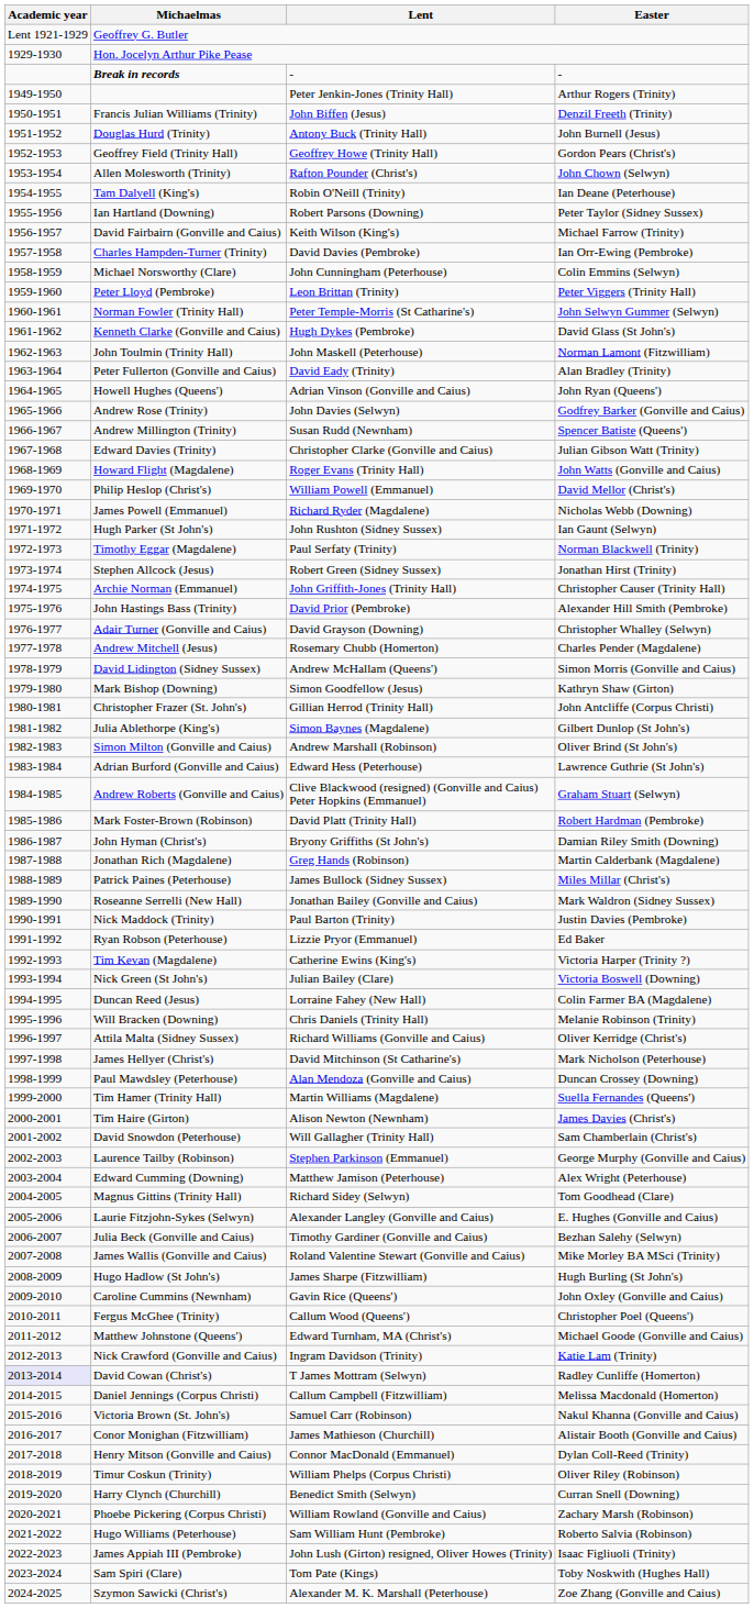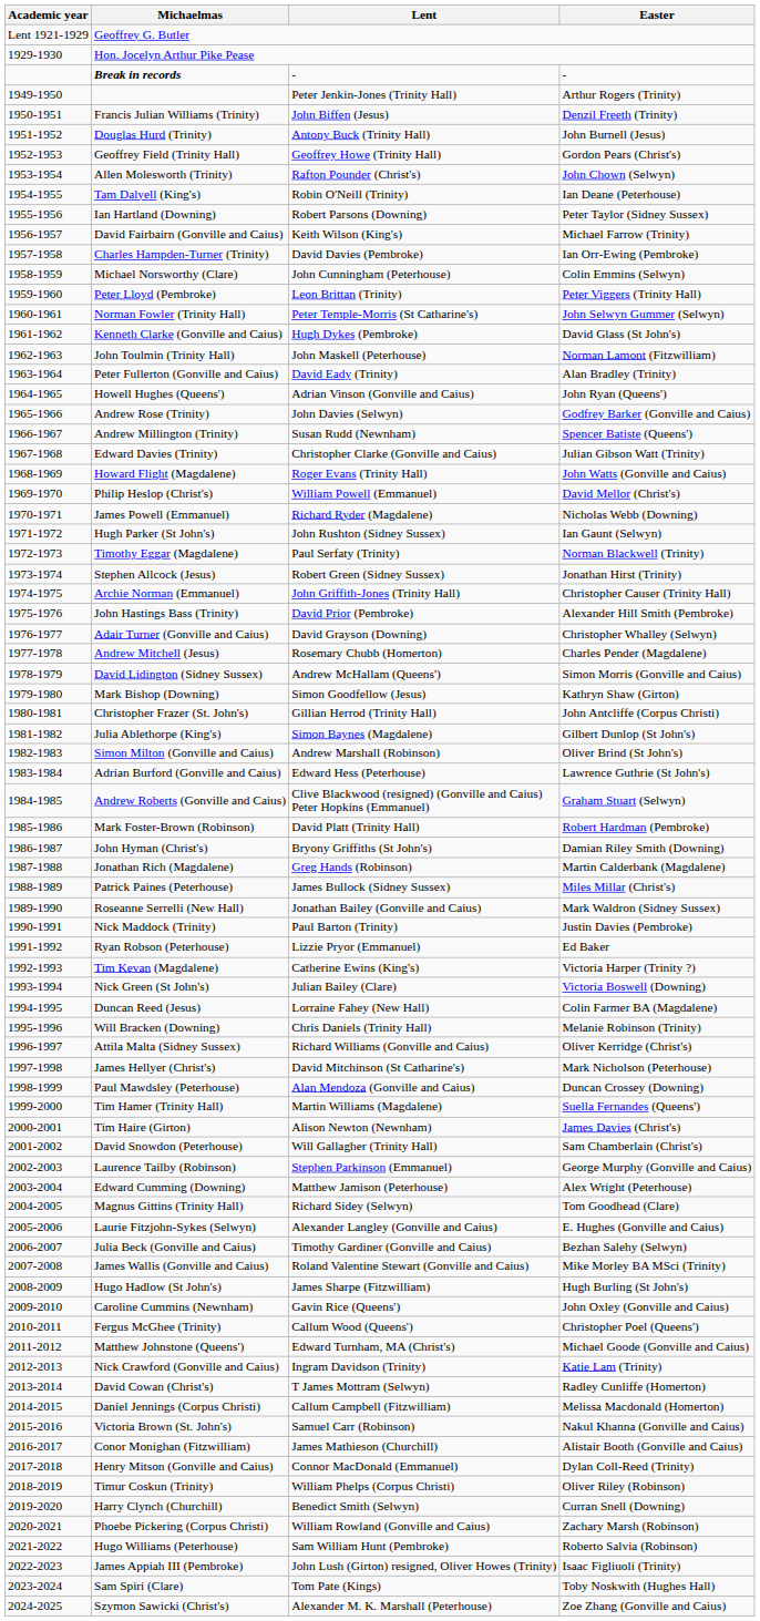 <table class="wikitable">
 <tr>
 <th>Academic year</th>
 <th>Michaelmas</th>
 <th>Lent</th>
 <th>Easter</th>
 </tr>
 <tr>
 <td>Lent 1921-1929</td>
 <td colspan="3"><a href='#'>Geoffrey G. Butler</a></td>
 </tr>
 <tr>
 <td>1929-1930</td>
 <td colspan="3"><a href='#'>Hon. Jocelyn Arthur Pike Pease</a></td>
 </tr>
 <tr>
 <td></td>
 <td><strong><em>Break in records</em></strong></td>
 <td>-</td>
 <td>-</td>
 </tr>
 <tr>
 <td>1949-1950</td>
 <td></td>
 <td>Peter Jenkin-Jones (Trinity Hall)</td>
 <td>Arthur Rogers (Trinity)</td>
 </tr>
 <tr>
 <td>1950-1951</td>
 <td>Francis Julian Williams (Trinity)</td>
 <td><a href='#'>John Biffen</a> (Jesus)</td>
 <td><a href='#'>Denzil Freeth</a> (Trinity)</td>
 </tr>
 <tr>
 <td>1951-1952</td>
 <td><a href='#'>Douglas Hurd</a> (Trinity)</td>
 <td><a href='#'>Antony Buck</a> (Trinity Hall)</td>
 <td>John Burnell (Jesus)</td>
 </tr>
 <tr>
 <td>1952-1953</td>
 <td>Geoffrey Field (Trinity Hall)</td>
 <td><a href='#'>Geoffrey Howe</a> (Trinity Hall)</td>
 <td>Gordon Pears (Christ's)</td>
 </tr>
 <tr>
 <td>1953-1954</td>
 <td>Allen Molesworth (Trinity)</td>
 <td><a href='#'>Rafton Pounder</a> (Christ's)</td>
 <td><a href='#'>John Chown</a> (Selwyn)</td>
 </tr>
 <tr>
 <td>1954-1955</td>
 <td><a href='#'>Tam Dalyell</a> (King's)</td>
 <td>Robin O'Neill (Trinity)</td>
 <td>Ian Deane (Peterhouse)</td>
 </tr>
 <tr>
 <td>1955-1956</td>
 <td>Ian Hartland (Downing)</td>
 <td>Robert Parsons (Downing)</td>
 <td>Peter Taylor (Sidney Sussex)</td>
 </tr>
 <tr>
 <td>1956-1957</td>
 <td>David Fairbairn (Gonville and Caius)</td>
 <td>Keith Wilson (King's)</td>
 <td>Michael Farrow (Trinity)</td>
 </tr>
 <tr>
 <td>1957-1958</td>
 <td><a href='#'>Charles Hampden-Turner</a> (Trinity)</td>
 <td>David Davies (Pembroke)</td>
 <td>Ian Orr-Ewing (Pembroke)</td>
 </tr>
 <tr>
 <td>1958-1959</td>
 <td>Michael Norsworthy (Clare)</td>
 <td>John Cunningham (Peterhouse)</td>
 <td>Colin Emmins (Selwyn)</td>
 </tr>
 <tr>
 <td>1959-1960</td>
 <td><a href='#'>Peter Lloyd</a> (Pembroke)</td>
 <td><a href='#'>Leon Brittan</a> (Trinity)</td>
 <td><a href='#'>Peter Viggers</a> (Trinity Hall)</td>
 </tr>
 <tr>
 <td>1960-1961</td>
 <td><a href='#'>Norman Fowler</a> (Trinity Hall)</td>
 <td><a href='#'>Peter Temple-Morris</a> (St Catharine's)</td>
 <td><a href='#'>John Selwyn Gummer</a> (Selwyn)</td>
 </tr>
 <tr>
 <td>1961-1962</td>
 <td><a href='#'>Kenneth Clarke</a> (Gonville and Caius)</td>
 <td><a href='#'>Hugh Dykes</a> (Pembroke)</td>
 <td>David Glass (St John's)</td>
 </tr>
 <tr>
 <td>1962-1963</td>
 <td>John Toulmin (Trinity Hall)</td>
 <td>John Maskell (Peterhouse)</td>
 <td><a href='#'>Norman Lamont</a> (Fitzwilliam)</td>
 </tr>
 <tr>
 <td>1963-1964</td>
 <td>Peter Fullerton (Gonville and Caius)</td>
 <td><a href='#'>David Eady</a> (Trinity)</td>
 <td>Alan Bradley (Trinity)</td>
 </tr>
 <tr>
 <td>1964-1965</td>
 <td>Howell Hughes (Queens')</td>
 <td>Adrian Vinson (Gonville and Caius)</td>
 <td>John Ryan (Queens')</td>
 </tr>
 <tr>
 <td>1965-1966</td>
 <td>Andrew Rose (Trinity)</td>
 <td>John Davies (Selwyn)</td>
 <td><a href='#'>Godfrey Barker</a> (Gonville and Caius)</td>
 </tr>
 <tr>
 <td>1966-1967</td>
 <td>Andrew Millington (Trinity)</td>
 <td>Susan Rudd (Newnham)</td>
 <td><a href='#'>Spencer Batiste</a> (Queens')</td>
 </tr>
 <tr>
 <td>1967-1968</td>
 <td>Edward Davies (Trinity)</td>
 <td>Christopher Clarke (Gonville and Caius)</td>
 <td>Julian Gibson Watt (Trinity)</td>
 </tr>
 <tr>
 <td>1968-1969</td>
 <td><a href='#'>Howard Flight</a> (Magdalene)</td>
 <td><a href='#'>Roger Evans</a> (Trinity Hall)</td>
 <td><a href='#'>John Watts</a> (Gonville and Caius)</td>
 </tr>
 <tr>
 <td>1969-1970</td>
 <td>Philip Heslop (Christ's)</td>
 <td><a href='#'>William Powell</a> (Emmanuel)</td>
 <td><a href='#'>David Mellor</a> (Christ's)</td>
 </tr>
 <tr>
 <td>1970-1971</td>
 <td>James Powell (Emmanuel)</td>
 <td><a href='#'>Richard Ryder</a> (Magdalene)</td>
 <td>Nicholas Webb (Downing)</td>
 </tr>
 <tr>
 <td>1971-1972</td>
 <td>Hugh Parker (St John's)</td>
 <td>John Rushton (Sidney Sussex)</td>
 <td>Ian Gaunt (Selwyn)</td>
 </tr>
 <tr>
 <td>1972-1973</td>
 <td><a href='#'>Timothy Eggar</a> (Magdalene)</td>
 <td>Paul Serfaty (Trinity)</td>
 <td><a href='#'>Norman Blackwell</a> (Trinity)</td>
 </tr>
 <tr>
 <td>1973-1974</td>
 <td>Stephen Allcock (Jesus)</td>
 <td>Robert Green (Sidney Sussex)</td>
 <td>Jonathan Hirst (Trinity)</td>
 </tr>
 <tr>
 <td>1974-1975</td>
 <td><a href='#'>Archie Norman</a> (Emmanuel)</td>
 <td><a href='#'>John Griffith-Jones</a> (Trinity Hall)</td>
 <td>Christopher Causer (Trinity Hall)</td>
 </tr>
 <tr>
 <td>1975-1976</td>
 <td>John Hastings Bass (Trinity)</td>
 <td><a href='#'>David Prior</a> (Pembroke)</td>
 <td>Alexander Hill Smith (Pembroke)</td>
 </tr>
 <tr>
 <td>1976-1977</td>
 <td><a href='#'>Adair Turner</a> (Gonville and Caius)</td>
 <td>David Grayson (Downing)</td>
 <td>Christopher Whalley (Selwyn)</td>
 </tr>
 <tr>
 <td>1977-1978</td>
 <td><a href='#'>Andrew Mitchell</a> (Jesus)</td>
 <td>Rosemary Chubb (Homerton)</td>
 <td>Charles Pender (Magdalene)</td>
 </tr>
 <tr>
 <td>1978-1979</td>
 <td><a href='#'>David Lidington</a> (Sidney Sussex)</td>
 <td>Andrew McHallam (Queens')</td>
 <td>Simon Morris (Gonville and Caius)</td>
 </tr>
 <tr>
 <td>1979-1980</td>
 <td>Mark Bishop (Downing)</td>
 <td>Simon Goodfellow (Jesus)</td>
 <td>Kathryn Shaw (Girton)</td>
 </tr>
 <tr>
 <td>1980-1981</td>
 <td>Christopher Frazer (St. John's)</td>
 <td>Gillian Herrod (Trinity Hall)</td>
 <td>John Antcliffe (Corpus Christi)</td>
 </tr>
 <tr>
 <td>1981-1982</td>
 <td>Julia Ablethorpe (King's)</td>
 <td><a href='#'>Simon Baynes</a> (Magdalene)</td>
 <td>Gilbert Dunlop (St John's)</td>
 </tr>
 <tr>
 <td>1982-1983</td>
 <td><a href='#'>Simon Milton</a> (Gonville and Caius)</td>
 <td>Andrew Marshall (Robinson)</td>
 <td>Oliver Brind (St John's)</td>
 </tr>
 <tr>
 <td>1983-1984</td>
 <td>Adrian Burford (Gonville and Caius)</td>
 <td>Edward Hess (Peterhouse)</td>
 <td>Lawrence Guthrie (St John's)</td>
 </tr>
 <tr>
 <td>1984-1985</td>
 <td><a href='#'>Andrew Roberts</a> (Gonville and Caius)</td>
 <td>Clive Blackwood (resigned) (Gonville and Caius)<br>Peter Hopkins (Emmanuel)</td>
 <td><a href='#'>Graham Stuart</a> (Selwyn)</td>
 </tr>
 <tr>
 <td>1985-1986</td>
 <td>Mark Foster-Brown (Robinson)</td>
 <td>David Platt (Trinity Hall)</td>
 <td><a href='#'>Robert Hardman</a> (Pembroke)</td>
 </tr>
 <tr>
 <td>1986-1987</td>
 <td>John Hyman (Christ's)</td>
 <td>Bryony Griffiths (St John's)</td>
 <td>Damian Riley Smith (Downing)</td>
 </tr>
 <tr>
 <td>1987-1988</td>
 <td>Jonathan Rich (Magdalene)</td>
 <td><a href='#'>Greg Hands</a> (Robinson)</td>
 <td>Martin Calderbank (Magdalene)</td>
 </tr>
 <tr>
 <td>1988-1989</td>
 <td>Patrick Paines (Peterhouse)</td>
 <td>James Bullock (Sidney Sussex)</td>
 <td><a href='#'>Miles Millar</a> (Christ's)</td>
 </tr>
 <tr>
 <td>1989-1990</td>
 <td>Roseanne Serrelli (New Hall)</td>
 <td>Jonathan Bailey (Gonville and Caius)</td>
 <td>Mark Waldron (Sidney Sussex)</td>
 </tr>
 <tr>
 <td>1990-1991</td>
 <td>Nick Maddock (Trinity)</td>
 <td>Paul Barton (Trinity)</td>
 <td>Justin Davies (Pembroke)</td>
 </tr>
 <tr>
 <td>1991-1992</td>
 <td>Ryan Robson (Peterhouse)</td>
 <td>Lizzie Pryor (Emmanuel)</td>
 <td>Ed Baker</td>
 </tr>
 <tr>
 <td>1992-1993</td>
 <td><a href='#'>Tim Kevan</a> (Magdalene)</td>
 <td>Catherine Ewins (King's)</td>
 <td>Victoria Harper (Trinity ?)</td>
 </tr>
 <tr>
 <td>1993-1994</td>
 <td>Nick Green (St John's)</td>
 <td>Julian Bailey (Clare)</td>
 <td><a href='#'>Victoria Boswell</a> (Downing)</td>
 </tr>
 <tr>
 <td>1994-1995</td>
 <td>Duncan Reed (Jesus)</td>
 <td>Lorraine Fahey (New Hall)</td>
 <td>Colin Farmer BA (Magdalene)</td>
 </tr>
 <tr>
 <td>1995-1996</td>
 <td>Will Bracken (Downing)</td>
 <td>Chris Daniels (Trinity Hall)</td>
 <td>Melanie Robinson (Trinity)</td>
 </tr>
 <tr>
 <td>1996-1997</td>
 <td>Attila Malta (Sidney Sussex)</td>
 <td>Richard Williams (Gonville and Caius)</td>
 <td>Oliver Kerridge (Christ's)</td>
 </tr>
 <tr>
 <td>1997-1998</td>
 <td>James Hellyer (Christ's)</td>
 <td>David Mitchinson (St Catharine's)</td>
 <td>Mark Nicholson (Peterhouse)</td>
 </tr>
 <tr>
 <td>1998-1999</td>
 <td>Paul Mawdsley (Peterhouse)</td>
 <td><a href='#'>Alan Mendoza</a> (Gonville and Caius)</td>
 <td>Duncan Crossey (Downing)</td>
 </tr>
 <tr>
 <td>1999-2000</td>
 <td>Tim Hamer (Trinity Hall)</td>
 <td>Martin Williams (Magdalene)</td>
 <td><a href='#'>Suella Fernandes</a> (Queens')</td>
 </tr>
 <tr>
 <td>2000-2001</td>
 <td>Tim Haire (Girton)</td>
 <td>Alison Newton (Newnham)</td>
 <td><a href='#'>James Davies</a> (Christ's)</td>
 </tr>
 <tr>
 <td>2001-2002</td>
 <td>David Snowdon (Peterhouse)</td>
 <td>Will Gallagher (Trinity Hall)</td>
 <td>Sam Chamberlain (Christ's)</td>
 </tr>
 <tr>
 <td>2002-2003</td>
 <td>Laurence Tailby (Robinson)</td>
 <td><a href='#'>Stephen Parkinson</a> (Emmanuel)</td>
 <td>George Murphy (Gonville and Caius)</td>
 </tr>
 <tr>
 <td>2003-2004</td>
 <td>Edward Cumming (Downing)</td>
 <td>Matthew Jamison (Peterhouse)</td>
 <td>Alex Wright (Peterhouse)</td>
 </tr>
 <tr>
 <td>2004-2005</td>
 <td>Magnus Gittins (Trinity Hall)</td>
 <td>Richard Sidey (Selwyn)</td>
 <td>Tom Goodhead (Clare)</td>
 </tr>
 <tr>
 <td>2005-2006</td>
 <td>Laurie Fitzjohn-Sykes (Selwyn)</td>
 <td>Alexander Langley (Gonville and Caius)</td>
 <td>E. Hughes (Gonville and Caius)</td>
 </tr>
 <tr>
 <td>2006-2007</td>
 <td>Julia Beck (Gonville and Caius)</td>
 <td>Timothy Gardiner (Gonville and Caius)</td>
 <td>Bezhan Salehy (Selwyn)</td>
 </tr>
 <tr>
 <td>2007-2008</td>
 <td>James Wallis (Gonville and Caius)</td>
 <td>Roland Valentine Stewart (Gonville and Caius)</td>
 <td>Mike Morley BA MSci (Trinity)</td>
 </tr>
 <tr>
 <td>2008-2009</td>
 <td>Hugo Hadlow (St John's)</td>
 <td>James Sharpe (Fitzwilliam)</td>
 <td>Hugh Burling (St John's)</td>
 </tr>
 <tr>
 <td>2009-2010</td>
 <td>Caroline Cummins (Newnham)</td>
 <td>Gavin Rice (Queens')</td>
 <td>John Oxley (Gonville and Caius)</td>
 </tr>
 <tr>
 <td>2010-2011</td>
 <td>Fergus McGhee (Trinity)</td>
 <td>Callum Wood (Queens')</td>
 <td>Christopher Poel (Queens')</td>
 </tr>
 <tr>
 <td>2011-2012</td>
 <td>Matthew Johnstone (Queens')</td>
 <td>Edward Turnham, MA (Christ's)</td>
 <td>Michael Goode (Gonville and Caius)</td>
 </tr>
 <tr>
 <td>2012-2013</td>
 <td>Nick Crawford (Gonville and Caius)</td>
 <td>Ingram Davidson (Trinity)</td>
 <td><a href='#'>Katie Lam</a> (Trinity)</td>
 </tr>
 <tr>
-<td style="background: lavender;">2013-2014</td>
+<td>2013-2014</td>
 <td>David Cowan (Christ's)</td>
 <td>T James Mottram (Selwyn)</td>
 <td>Radley Cunliffe (Homerton)</td>
 </tr>
 <tr>
 <td>2014-2015</td>
 <td>Daniel Jennings (Corpus Christi)</td>
 <td>Callum Campbell (Fitzwilliam)</td>
 <td>Melissa Macdonald (Homerton)</td>
 </tr>
 <tr>
 <td>2015-2016</td>
 <td>Victoria Brown (St. John's)</td>
 <td>Samuel Carr (Robinson)</td>
 <td>Nakul Khanna (Gonville and Caius)</td>
 </tr>
 <tr>
 <td>2016-2017</td>
 <td>Conor Monighan (Fitzwilliam)</td>
 <td>James Mathieson (Churchill)</td>
 <td>Alistair Booth (Gonville and Caius)</td>
 </tr>
 <tr>
 <td>2017-2018</td>
 <td>Henry Mitson (Gonville and Caius)</td>
 <td>Connor MacDonald (Emmanuel)</td>
 <td>Dylan Coll-Reed (Trinity)</td>
 </tr>
 <tr>
 <td>2018-2019</td>
 <td>Timur Coskun (Trinity)</td>
 <td>William Phelps (Corpus Christi)</td>
 <td>Oliver Riley (Robinson)</td>
 </tr>
 <tr>
 <td>2019-2020</td>
 <td>Harry Clynch (Churchill)</td>
 <td>Benedict Smith (Selwyn)</td>
 <td>Curran Snell (Downing)</td>
 </tr>
 <tr>
 <td>2020-2021</td>
 <td>Phoebe Pickering (Corpus Christi)</td>
 <td>William Rowland (Gonville and Caius)</td>
 <td>Zachary Marsh (Robinson)</td>
 </tr>
 <tr>
 <td>2021-2022</td>
 <td>Hugo Williams (Peterhouse)</td>
 <td>Sam William Hunt (Pembroke)</td>
 <td>Roberto Salvia (Robinson)</td>
 </tr>
 <tr>
 <td>2022-2023</td>
 <td>James Appiah III (Pembroke)</td>
 <td>John Lush (Girton) resigned, Oliver Howes (Trinity)</td>
 <td>Isaac Figliuoli (Trinity)</td>
 </tr>
 <tr>
 <td>2023-2024</td>
 <td>Sam Spiri (Clare)</td>
 <td>Tom Pate (Kings)</td>
 <td>Toby Noskwith (Hughes Hall)</td>
 </tr>
 <tr>
 <td>2024-2025</td>
 <td>Szymon Sawicki (Christ's)</td>
 <td>Alexander M. K. Marshall (Peterhouse)</td>
 <td>Zoe Zhang (Gonville and Caius)</td>
 </tr>
 </table>
